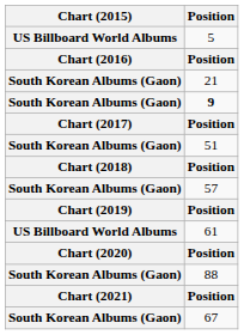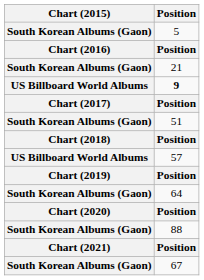 <table class="wikitable plainrowheaders" style="text-align:center">
 <tr>
 <th scope="col">Chart (2015)</th>
 <th scope="col">Position</th>
 </tr>
 <tr>
-<th scope="row">US Billboard World Albums</th>
+<th scope="row">South Korean Albums (Gaon)</th>
 <td>5</td>
 </tr>
 <tr>
 <th scope="col">Chart (2016)</th>
 <th scope="col">Position</th>
 </tr>
 <tr>
 <th scope="row">South Korean Albums (Gaon)</th>
 <td>21</td>
 </tr>
 <tr>
-<th scope="row">South Korean Albums (Gaon)</th>
+<th scope="row">US Billboard World Albums</th>
 <td><strong>9</strong></td>
 </tr>
 <tr>
 <th scope="col">Chart (2017)</th>
 <th scope="col">Position</th>
 </tr>
 <tr>
 <th scope="row">South Korean Albums (Gaon)</th>
 <td>51</td>
 </tr>
 <tr>
 <th scope="col">Chart (2018)</th>
 <th scope="col">Position</th>
 </tr>
 <tr>
-<th scope="row">South Korean Albums (Gaon)</th>
+<th scope="row">US Billboard World Albums</th>
 <td>57</td>
 </tr>
 <tr>
 <th scope="col">Chart (2019)</th>
 <th scope="col">Position</th>
 </tr>
 <tr>
-<th scope="row">US Billboard World Albums</th>
-<td>61</td>
+<th scope="row">South Korean Albums (Gaon)</th>
+<td>64</td>
 </tr>
 <tr>
 <th scope="col">Chart (2020)</th>
 <th scope="col">Position</th>
 </tr>
 <tr>
 <th scope="row">South Korean Albums (Gaon)</th>
 <td>88</td>
 </tr>
 <tr>
 <th scope="col">Chart (2021)</th>
 <th scope="col">Position</th>
 </tr>
 <tr>
 <th scope="row">South Korean Albums (Gaon)</th>
 <td>67</td>
 </tr>
 </table>
